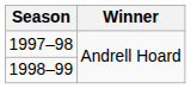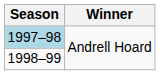 <table class="wikitable">
 <tr>
 <th>Season</th>
 <th>Winner</th>
 </tr>
 <tr>
-<td>1997–98</td>
+<td style="background: lightblue;">1997–98</td>
 <td rowspan="2">Andrell Hoard</td>
 </tr>
 <tr>
 <td>1998–99</td>
 </tr>
 </table>
